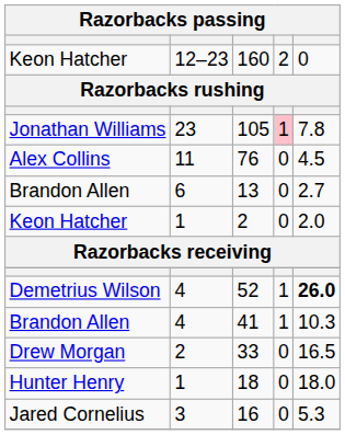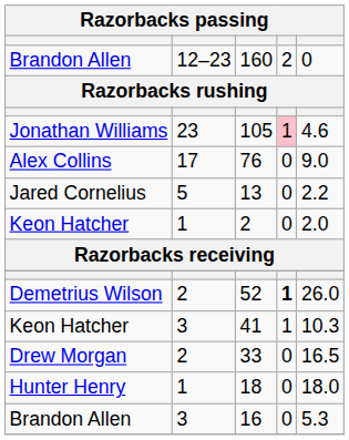 <table class="wikitable plainrowheaders">
 <tr>
 <th colspan="6">Razorbacks passing</th>
 </tr>
 <tr>
 <th scope="col"></th>
 <th scope="col"></th>
 <th scope="col"></th>
 <th scope="col"></th>
 <th scope="col"></th>
 </tr>
 <tr>
-<td>Keon Hatcher</td>
+<td><a href='#'>Brandon Allen</a></td>
 <td>12–23</td>
 <td>160</td>
 <td>2</td>
 <td>0</td>
 </tr>
 <tr>
 <th colspan="6">Razorbacks rushing</th>
 </tr>
 <tr>
 <th scope="col"></th>
 <th scope="col"></th>
 <th scope="col"></th>
 <th scope="col"></th>
 <th scope="col"></th>
 </tr>
 <tr>
 <td><a href='#'>Jonathan Williams</a></td>
 <td>23</td>
 <td>105</td>
 <td style="background: pink;">1</td>
-<td>7.8</td>
+<td>4.6</td>
 </tr>
 <tr>
 <td><a href='#'>Alex Collins</a></td>
-<td>11</td>
+<td>17</td>
 <td>76</td>
 <td>0</td>
-<td>4.5</td>
+<td>9.0</td>
 </tr>
 <tr>
-<td>Brandon Allen</td>
-<td>6</td>
+<td>Jared Cornelius</td>
+<td>5</td>
 <td>13</td>
 <td>0</td>
-<td>2.7</td>
+<td>2.2</td>
 </tr>
 <tr>
 <td><a href='#'>Keon Hatcher</a></td>
 <td>1</td>
 <td>2</td>
 <td>0</td>
 <td>2.0</td>
 </tr>
 <tr>
 <th colspan="6">Razorbacks receiving</th>
 </tr>
 <tr>
 </tr>
 <tr>
 <th scope="col"></th>
 <th scope="col"></th>
 <th scope="col"></th>
 <th scope="col"></th>
 <th scope="col"></th>
 </tr>
 <tr>
 <td><a href='#'>Demetrius Wilson</a></td>
-<td>4</td>
+<td>2</td>
 <td>52</td>
-<td>1</td>
-<td><strong>26.0</strong></td>
+<td><strong>1</strong></td>
+<td>26.0</td>
 </tr>
 <tr>
-<td><a href='#'>Brandon Allen</a></td>
-<td>4</td>
+<td>Keon Hatcher</td>
+<td>3</td>
 <td>41</td>
 <td>1</td>
 <td>10.3</td>
 </tr>
 <tr>
 <td><a href='#'>Drew Morgan</a></td>
 <td>2</td>
 <td>33</td>
 <td>0</td>
 <td>16.5</td>
 </tr>
 <tr>
 <td><a href='#'>Hunter Henry</a></td>
 <td>1</td>
 <td>18</td>
 <td>0</td>
 <td>18.0</td>
 </tr>
 <tr>
-<td>Jared Cornelius</td>
+<td>Brandon Allen</td>
 <td>3</td>
 <td>16</td>
 <td>0</td>
 <td>5.3</td>
 </tr>
 <tr>
 </tr>
 </table>
